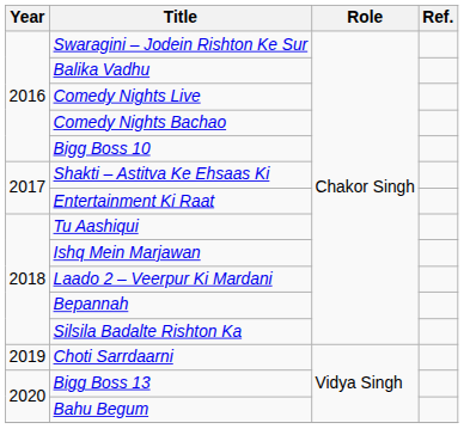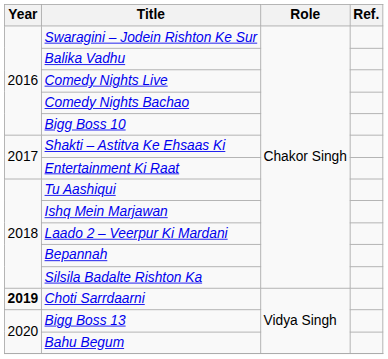 <table class="wikitable sortable">
 <tr>
 <th>Year</th>
 <th>Title</th>
 <th>Role</th>
 <th class="unsortable">Ref.</th>
 </tr>
 <tr>
 <td rowspan="5">2016</td>
 <td><em><a href='#'>Swaragini – Jodein Rishton Ke Sur</a></em></td>
 <td rowspan="12">Chakor Singh</td>
 <td></td>
 </tr>
 <tr>
 <td><em><a href='#'>Balika Vadhu</a></em></td>
 <td></td>
 </tr>
 <tr>
 <td><em><a href='#'>Comedy Nights Live</a></em></td>
 <td></td>
 </tr>
 <tr>
 <td><em><a href='#'>Comedy Nights Bachao</a></em></td>
 <td></td>
 </tr>
 <tr>
 <td><em><a href='#'>Bigg Boss 10</a></em></td>
 <td></td>
 </tr>
 <tr>
 <td rowspan="2">2017</td>
 <td><em><a href='#'>Shakti – Astitva Ke Ehsaas Ki</a></em></td>
 <td></td>
 </tr>
 <tr>
 <td><em><a href='#'>Entertainment Ki Raat</a></em></td>
 <td></td>
 </tr>
 <tr>
 <td rowspan="5">2018</td>
 <td><em><a href='#'>Tu Aashiqui</a></em></td>
 <td></td>
 </tr>
 <tr>
 <td><em><a href='#'>Ishq Mein Marjawan</a></em></td>
 <td></td>
 </tr>
 <tr>
 <td><em><a href='#'>Laado 2 – Veerpur Ki Mardani</a></em></td>
 <td></td>
 </tr>
 <tr>
 <td><em><a href='#'>Bepannah</a></em></td>
 <td></td>
 </tr>
 <tr>
 <td><em><a href='#'>Silsila Badalte Rishton Ka</a></em></td>
 <td></td>
 </tr>
 <tr>
-<td>2019</td>
+<td><strong>2019</strong></td>
 <td><em><a href='#'>Choti Sarrdaarni</a></em></td>
 <td rowspan="3">Vidya Singh</td>
 <td></td>
 </tr>
 <tr>
 <td rowspan="2">2020</td>
 <td><em><a href='#'>Bigg Boss 13</a></em></td>
 <td></td>
 </tr>
 <tr>
 <td><em><a href='#'>Bahu Begum</a></em></td>
 <td></td>
 </tr>
 <tr>
 </tr>
 </table>
